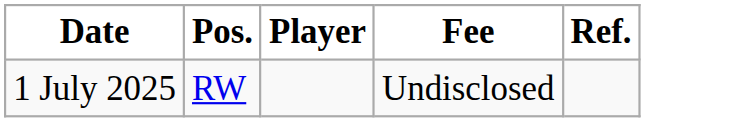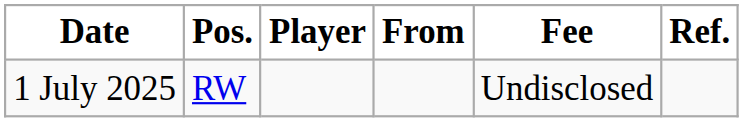 <table class="wikitable plainrowheaders sortable">
 <tr>
 <th style="background:white; color:black; ">Date</th>
 <th style="background:white; color:black; ">Pos.</th>
 <th style="background:white; color:black; ">Player</th>
+<th style="background:white; color:black; ">From</th>
 <th style="background:white; color:black; ">Fee</th>
 <th style="background:white; color:black; ">Ref.</th>
 </tr>
 <tr>
 <td>1 July 2025</td>
 <td><a href='#'>RW</a></td>
 <td></td>
+<td></td>
 <td>Undisclosed</td>
 <td></td>
 </tr>
 </table>
